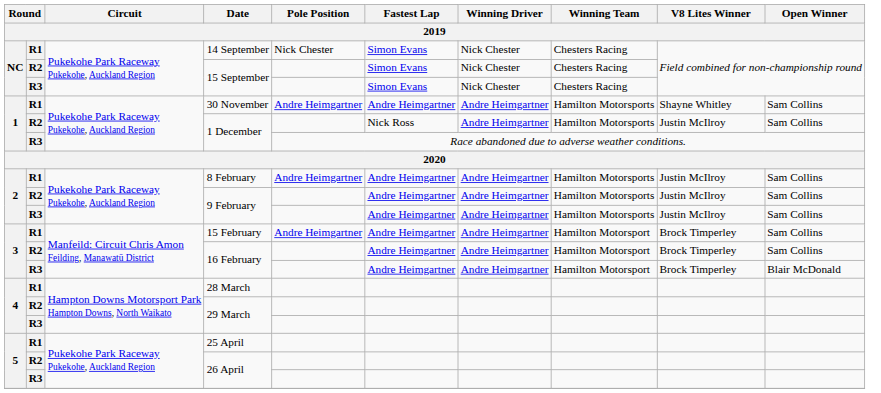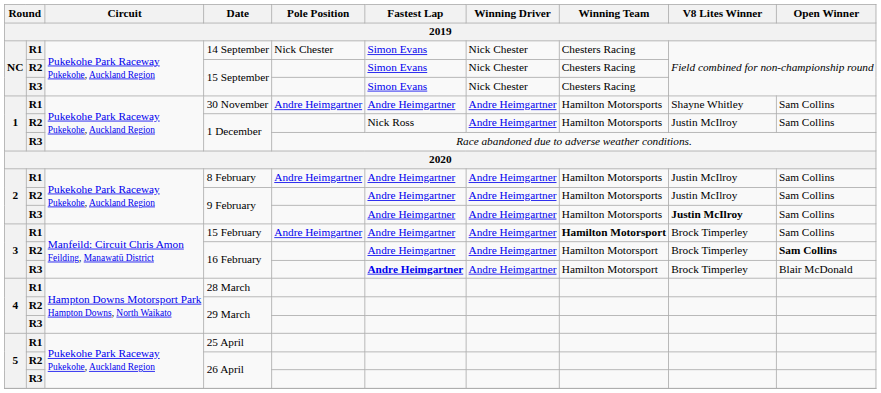 <table class="wikitable" style="font-size: 87%">
 <tr>
 <th colspan="2">Round</th>
 <th>Circuit</th>
 <th>Date</th>
 <th>Pole Position</th>
 <th>Fastest Lap</th>
 <th>Winning Driver</th>
 <th>Winning Team</th>
 <th>V8 Lites Winner</th>
 <th>Open Winner</th>
 </tr>
 <tr>
 <th colspan="10">2019</th>
 </tr>
 <tr>
 <th rowspan="3">NC</th>
 <th>R1</th>
 <td rowspan="3"><a href='#'>Pukekohe Park Raceway</a><br><small><a href='#'>Pukekohe</a>, <a href='#'>Auckland Region</a></small></td>
 <td>14 September</td>
 <td> Nick Chester</td>
 <td> <a href='#'>Simon Evans</a></td>
 <td> Nick Chester</td>
 <td>Chesters Racing</td>
 <td rowspan="3" colspan="2"><em>Field combined for non-championship round</em></td>
 </tr>
 <tr>
 <th>R2</th>
 <td rowspan="2">15 September</td>
 <td></td>
 <td> <a href='#'>Simon Evans</a></td>
 <td> Nick Chester</td>
 <td>Chesters Racing</td>
 </tr>
 <tr>
 <th>R3</th>
 <td></td>
 <td> <a href='#'>Simon Evans</a></td>
 <td> Nick Chester</td>
 <td>Chesters Racing</td>
 </tr>
 <tr>
 <th rowspan="3">1</th>
 <th>R1</th>
 <td rowspan="3"><a href='#'>Pukekohe Park Raceway</a><br><small><a href='#'>Pukekohe</a>, <a href='#'>Auckland Region</a></small></td>
 <td>30 November</td>
 <td> <a href='#'>Andre Heimgartner</a></td>
 <td> <a href='#'>Andre Heimgartner</a></td>
 <td> <a href='#'>Andre Heimgartner</a></td>
 <td>Hamilton Motorsports</td>
 <td> Shayne Whitley</td>
 <td> Sam Collins</td>
 </tr>
 <tr>
 <th>R2</th>
 <td rowspan="2">1 December</td>
 <td></td>
 <td> Nick Ross</td>
 <td> <a href='#'>Andre Heimgartner</a></td>
 <td>Hamilton Motorsports</td>
 <td> Justin McIlroy</td>
 <td> Sam Collins</td>
 </tr>
 <tr>
 <th>R3</th>
 <td colspan="6" align="center"><em>Race abandoned due to adverse weather conditions.</em></td>
 </tr>
 <tr>
 <th colspan="10">2020</th>
 </tr>
 <tr>
 <th rowspan="3">2</th>
 <th>R1</th>
 <td rowspan="3"><a href='#'>Pukekohe Park Raceway</a><br><small><a href='#'>Pukekohe</a>, <a href='#'>Auckland Region</a></small></td>
 <td>8 February</td>
 <td> <a href='#'>Andre Heimgartner</a></td>
 <td> <a href='#'>Andre Heimgartner</a></td>
 <td> <a href='#'>Andre Heimgartner</a></td>
 <td>Hamilton Motorsports</td>
 <td> Justin McIlroy</td>
 <td> Sam Collins</td>
 </tr>
 <tr>
 <th>R2</th>
 <td rowspan="2">9 February</td>
 <td></td>
 <td> <a href='#'>Andre Heimgartner</a></td>
 <td> <a href='#'>Andre Heimgartner</a></td>
 <td>Hamilton Motorsports</td>
 <td> Justin McIlroy</td>
 <td> Sam Collins</td>
 </tr>
 <tr>
 <th>R3</th>
 <td></td>
 <td> <a href='#'>Andre Heimgartner</a></td>
 <td> <a href='#'>Andre Heimgartner</a></td>
 <td>Hamilton Motorsports</td>
-<td> Justin McIlroy</td>
+<td><strong> Justin McIlroy</strong></td>
 <td> Sam Collins</td>
 </tr>
 <tr>
 <th rowspan="3">3</th>
 <th>R1</th>
 <td rowspan="3"><a href='#'>Manfeild: Circuit Chris Amon</a><br><small><a href='#'>Feilding</a>, <a href='#'>Manawatū District</a></small></td>
 <td>15 February</td>
 <td> <a href='#'>Andre Heimgartner</a></td>
 <td> <a href='#'>Andre Heimgartner</a></td>
 <td> <a href='#'>Andre Heimgartner</a></td>
-<td>Hamilton Motorsport</td>
+<td><strong>Hamilton Motorsport</strong></td>
 <td> Brock Timperley</td>
 <td> Sam Collins</td>
 </tr>
 <tr>
 <th>R2</th>
 <td rowspan="2">16 February</td>
 <td></td>
 <td> <a href='#'>Andre Heimgartner</a></td>
 <td> <a href='#'>Andre Heimgartner</a></td>
 <td>Hamilton Motorsport</td>
 <td> Brock Timperley</td>
-<td> Sam Collins</td>
+<td><strong> Sam Collins</strong></td>
 </tr>
 <tr>
 <th>R3</th>
 <td></td>
-<td> <a href='#'>Andre Heimgartner</a></td>
+<td><strong> <a href='#'>Andre Heimgartner</a></strong></td>
 <td> <a href='#'>Andre Heimgartner</a></td>
 <td>Hamilton Motorsport</td>
 <td> Brock Timperley</td>
 <td> Blair McDonald</td>
 </tr>
 <tr>
 <th rowspan="3">4</th>
 <th>R1</th>
 <td rowspan="3"><a href='#'>Hampton Downs Motorsport Park</a><br><small><a href='#'>Hampton Downs</a>, <a href='#'>North Waikato</a></small></td>
 <td>28 March</td>
 <td></td>
 <td></td>
 <td></td>
 <td></td>
 <td></td>
 <td></td>
 </tr>
 <tr>
 <th>R2</th>
 <td rowspan="2">29 March</td>
 <td></td>
 <td></td>
 <td></td>
 <td></td>
 <td></td>
 <td></td>
 </tr>
 <tr>
 <th>R3</th>
 <td></td>
 <td></td>
 <td></td>
 <td></td>
 <td></td>
 <td></td>
 </tr>
 <tr>
 <th rowspan="3">5</th>
 <th>R1</th>
 <td rowspan="3"><a href='#'>Pukekohe Park Raceway</a><br><small><a href='#'>Pukekohe</a>, <a href='#'>Auckland Region</a></small></td>
 <td>25 April</td>
 <td></td>
 <td></td>
 <td></td>
 <td></td>
 <td></td>
 <td></td>
 </tr>
 <tr>
 <th>R2</th>
 <td rowspan="2">26 April</td>
 <td></td>
 <td></td>
 <td></td>
 <td></td>
 <td></td>
 <td></td>
 </tr>
 <tr>
 <th>R3</th>
 <td></td>
 <td></td>
 <td></td>
 <td></td>
 <td></td>
 <td></td>
 </tr>
 <tr>
 </tr>
 </table>
